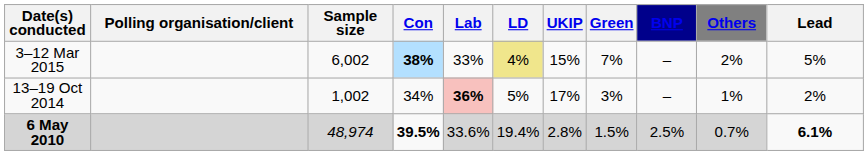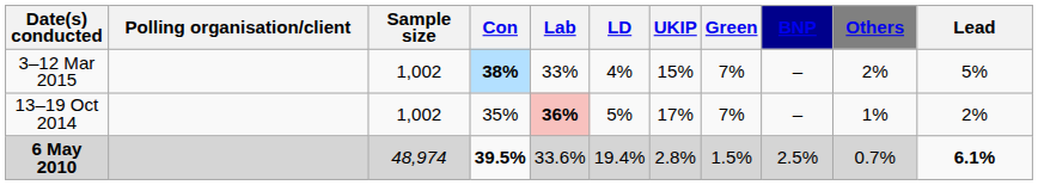 <table class="wikitable sortable" style="text-align:center;font-size:90%;line-height:14px">
 <tr>
 <th ! style="width:75px;">Date(s)<br>conducted</th>
 <th style="width:200px;">Polling organisation/client</th>
 <th class="unsortable" style="width:75px;">Sample size</th>
 <th class="unsortable" style="background:"><a href='#'><span>Con</span></a></th>
 <th class="unsortable" style="background:"><a href='#'><span>Lab</span></a></th>
 <th class="unsortable" style="background:"><a href='#'><span>LD</span></a></th>
 <th class="unsortable" style="background:"><a href='#'><span>UKIP</span></a></th>
 <th class="unsortable" style="background:"><a href='#'><span>Green</span></a></th>
 <th class="unsortable" style="background:#00008B; text-color:white; width:50px;"><a href='#'><span>BNP</span></a></th>
 <th class="unsortable" style="background:gray; width:60px;"><a href='#'><span>Others</span></a></th>
 <th class="unsortable" style="width:85px;">Lead</th>
 </tr>
 <tr>
 <td>3–12 Mar 2015</td>
 <td></td>
-<td>6,002</td>
+<td>1,002</td>
 <td style="background:#B3E0FF"><strong>38%</strong></td>
 <td>33%</td>
-<td style="background: khaki;">4%</td>
+<td>4%</td>
 <td>15%</td>
 <td>7%</td>
 <td>–</td>
 <td>2%</td>
 <td style="background:">5%</td>
 </tr>
 <tr>
 <td>13–19 Oct 2014</td>
 <td></td>
 <td>1,002</td>
-<td>34%</td>
+<td>35%</td>
 <td style="background:#F8C1BE"><strong>36%</strong></td>
 <td>5%</td>
 <td>17%</td>
-<td>3%</td>
+<td>7%</td>
 <td>–</td>
 <td>1%</td>
 <td style="background:">2%</td>
 </tr>
 <tr>
 <td style="background:#D5D5D5"><strong>6 May 2010</strong></td>
 <td style="background:#D5D5D5"></td>
 <td style="background:#D5D5D5"><em>48,974</em></td>
 <td style="background:"><strong>39.5%</strong></td>
 <td style="background:#D5D5D5">33.6%</td>
 <td style="background:#D5D5D5">19.4%</td>
 <td style="background:#D5D5D5">2.8%</td>
 <td style="background:#D5D5D5">1.5%</td>
 <td style="background:#D5D5D5">2.5%</td>
 <td style="background:#D5D5D5">0.7%</td>
 <td style="background:"><strong>6.1% </strong></td>
 </tr>
 </table>
